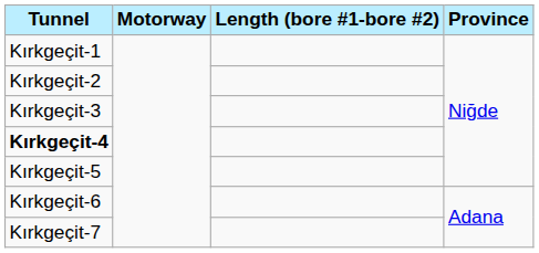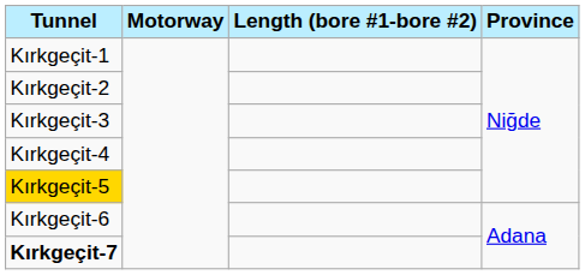 <table class="wikitable sortable">
 <tr>
 <th style="background-color:#bbeeff">Tunnel</th>
 <th style="background-color:#bbeeff">Motorway</th>
 <th style="background-color:#bbeeff">Length (bore #1-bore #2)</th>
 <th style="background-color:#bbeeff">Province</th>
 </tr>
 <tr>
 <td>Kırkgeçit-1</td>
 <td rowspan=7> </td>
 <td></td>
 <td rowspan=5><a href='#'>Niğde</a></td>
 </tr>
 <tr>
 <td>Kırkgeçit-2</td>
 <td></td>
 </tr>
 <tr>
 <td>Kırkgeçit-3</td>
 <td></td>
 </tr>
 <tr>
-<td><strong>Kırkgeçit-4</strong></td>
+<td>Kırkgeçit-4</td>
 <td></td>
 </tr>
 <tr>
-<td>Kırkgeçit-5</td>
+<td style="background: gold;">Kırkgeçit-5</td>
 <td></td>
 </tr>
 <tr>
 <td>Kırkgeçit-6</td>
 <td></td>
 <td rowspan=2><a href='#'>Adana</a></td>
 </tr>
 <tr>
-<td>Kırkgeçit-7</td>
+<td><strong>Kırkgeçit-7</strong></td>
 <td></td>
 </tr>
 </table>
